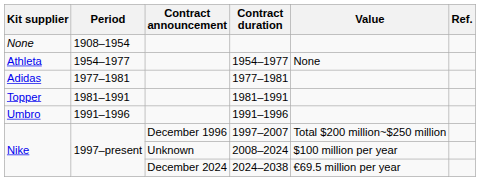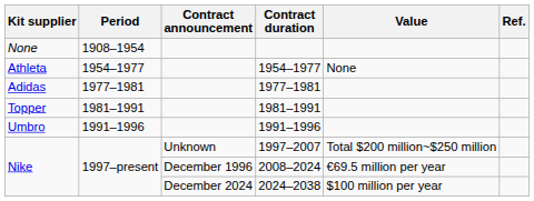 <table class="wikitable" style="text-align: left">
 <tr>
 <th>Kit supplier</th>
 <th>Period</th>
 <th>Contract<br>announcement</th>
 <th>Contract<br>duration</th>
 <th>Value</th>
 <th>Ref.</th>
 </tr>
 <tr>
 <td><em>None</em></td>
 <td>1908–1954</td>
 <td></td>
 <td></td>
 <td></td>
 <td></td>
 </tr>
 <tr>
 <td> <a href='#'>Athleta</a></td>
 <td>1954–1977</td>
 <td></td>
 <td>1954–1977</td>
 <td>None</td>
 <td></td>
 </tr>
 <tr>
 <td> <a href='#'>Adidas</a></td>
 <td>1977–1981</td>
 <td></td>
 <td>1977–1981</td>
 <td></td>
 <td></td>
 </tr>
 <tr>
 <td> <a href='#'>Topper</a></td>
 <td>1981–1991</td>
 <td></td>
 <td>1981–1991</td>
 <td></td>
 <td></td>
 </tr>
 <tr>
 <td> <a href='#'>Umbro</a></td>
 <td>1991–1996</td>
 <td></td>
 <td>1991–1996</td>
 <td></td>
 <td></td>
 </tr>
 <tr>
 <td rowspan="3"> <a href='#'>Nike</a></td>
 <td rowspan="3">1997–present</td>
-<td>December 1996</td>
+<td>Unknown</td>
 <td>1997–2007</td>
 <td>Total $200 million~$250 million</td>
 <td></td>
 </tr>
 <tr>
-<td>Unknown</td>
+<td>December 1996</td>
 <td>2008–2024</td>
-<td>$100 million per year</td>
+<td>€69.5 million per year</td>
 <td></td>
 </tr>
 <tr>
 <td>December 2024</td>
 <td>2024–2038</td>
-<td>€69.5 million per year</td>
+<td>$100 million per year</td>
 <td></td>
 </tr>
 </table>
